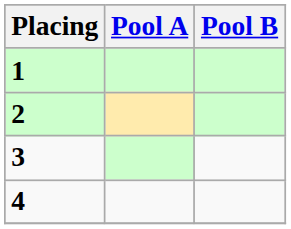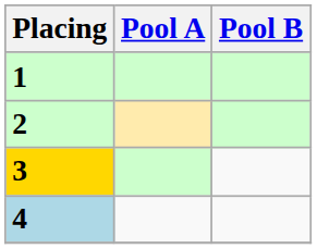 <table class=wikitable style="border:1px solid #AAAAAA;">
 <tr>
 <th>Placing</th>
 <th><a href='#'>Pool A</a></th>
 <th><a href='#'>Pool B</a></th>
 </tr>
 <tr style="background: #ccffcc;">
 <td><strong>1</strong></td>
 <td></td>
 <td></td>
 </tr>
 <tr>
 <td style="background: #ccffcc;"><strong>2</strong></td>
 <td style="background: #ffebad;"></td>
 <td style="background: #ccffcc;"></td>
 </tr>
 <tr>
-<td><strong>3</strong></td>
+<td style="background: gold;"><strong>3</strong></td>
 <td style="background: #ccffcc;"></td>
 <td></td>
 </tr>
 <tr>
-<td><strong>4</strong></td>
+<td style="background: lightblue;"><strong>4</strong></td>
 <td></td>
 <td></td>
 </tr>
 <tr>
 </tr>
 </table>
